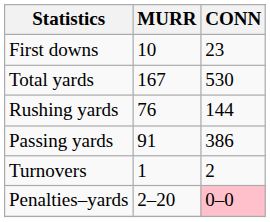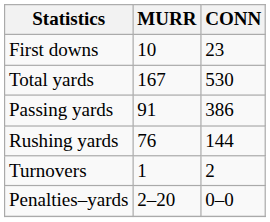 <table class="wikitable" style="float: left;">
 <tr>
 <th>Statistics</th>
 <th>MURR</th>
 <th>CONN</th>
 </tr>
 <tr>
 <td>First downs</td>
 <td>10</td>
 <td>23</td>
 </tr>
 <tr>
 <td>Total yards</td>
 <td>167</td>
 <td>530</td>
 </tr>
 <tr>
+<td>Passing yards</td>
+<td>91</td>
+<td>386</td>
+</tr>
+<tr>
 <td>Rushing yards</td>
 <td>76</td>
 <td>144</td>
-</tr>
-<tr>
-<td>Passing yards</td>
-<td>91</td>
-<td>386</td>
 </tr>
 <tr>
 <td>Turnovers</td>
 <td>1</td>
 <td>2</td>
 </tr>
 <tr>
 <td>Penalties–yards</td>
 <td>2–20</td>
-<td style="background: pink;">0–0</td>
+<td>0–0</td>
 </tr>
 <tr>
 </tr>
 </table>
